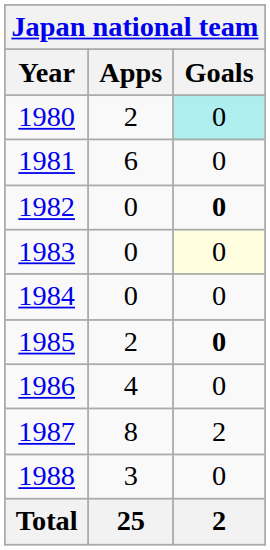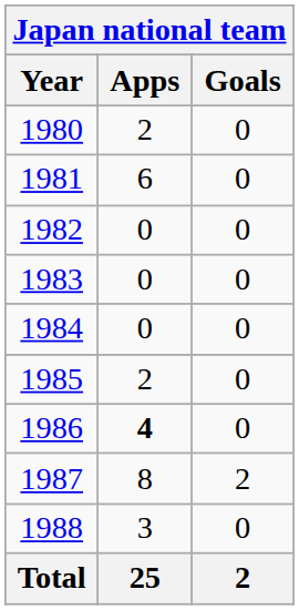 <table class="wikitable" style="text-align:center">
 <tr>
 <th colspan=3><a href='#'>Japan national team</a></th>
 </tr>
 <tr>
 <th>Year</th>
 <th>Apps</th>
 <th>Goals</th>
 </tr>
 <tr>
 <td><a href='#'>1980</a></td>
 <td>2</td>
-<td style="background: paleturquoise;">0</td>
+<td>0</td>
 </tr>
 <tr>
 <td><a href='#'>1981</a></td>
 <td>6</td>
 <td>0</td>
 </tr>
 <tr>
 <td><a href='#'>1982</a></td>
 <td>0</td>
-<td><strong>0</strong></td>
+<td>0</td>
 </tr>
 <tr>
 <td><a href='#'>1983</a></td>
 <td>0</td>
-<td style="background: lightyellow;">0</td>
+<td>0</td>
 </tr>
 <tr>
 <td><a href='#'>1984</a></td>
 <td>0</td>
 <td>0</td>
 </tr>
 <tr>
 <td><a href='#'>1985</a></td>
 <td>2</td>
-<td><strong>0</strong></td>
+<td>0</td>
 </tr>
 <tr>
 <td><a href='#'>1986</a></td>
-<td>4</td>
+<td><strong>4</strong></td>
 <td>0</td>
 </tr>
 <tr>
 <td><a href='#'>1987</a></td>
 <td>8</td>
 <td>2</td>
 </tr>
 <tr>
 <td><a href='#'>1988</a></td>
 <td>3</td>
 <td>0</td>
 </tr>
 <tr>
 <th>Total</th>
 <th>25</th>
 <th>2</th>
 </tr>
 </table>
